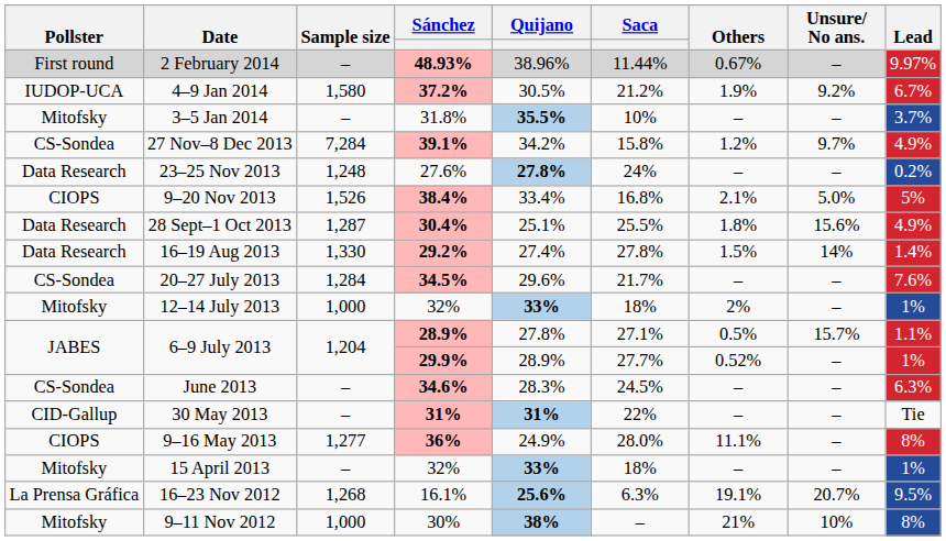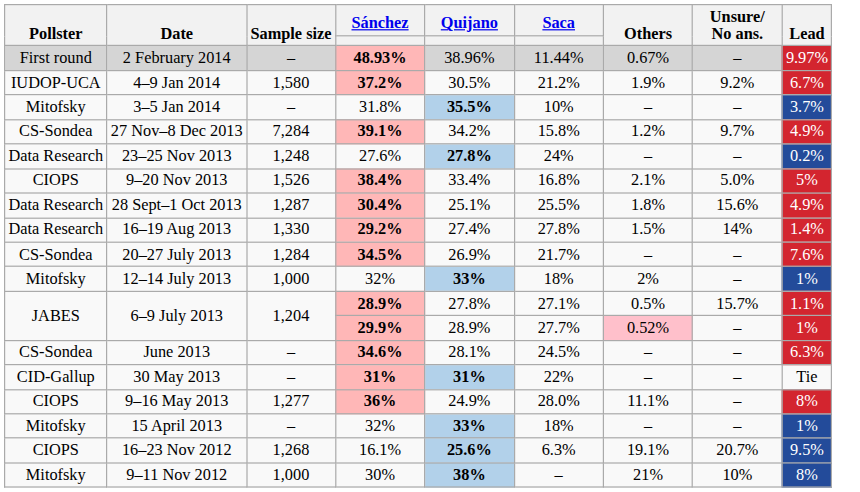 <table class="nowrap wikitable" style="text-align:center;font-size:85%;line-height:14px">
 <tr style="vertical-align:bottom">
 <th rowspan="2">Pollster</th>
 <th rowspan="2">Date</th>
 <th rowspan="2">Sample size</th>
 <th style="width:5em"><a href='#'>Sánchez</a><br></th>
 <th style="width:5em"><a href='#'>Quijano</a><br></th>
 <th style="width:5em"><a href='#'>Saca</a><br></th>
 <th rowspan="2" style="width:5em">Others</th>
 <th rowspan="2" style="width:5em">Unsure/<br>No ans.</th>
 <th rowspan="2">Lead</th>
 </tr>
 <tr>
 <th style="background:"></th>
 <th style="background:"></th>
 <th style="background:"></th>
 </tr>
 <tr style="background:#D5D5D5;">
 <td>First round</td>
 <td>2 February 2014</td>
 <td>–</td>
 <td style="background:#ffb7b7;font-weight:bold">48.93%</td>
 <td>38.96%</td>
 <td>11.44%</td>
 <td>0.67%</td>
 <td>–</td>
 <td style=background:#D3252F;color:white>9.97%</td>
 </tr>
 <tr>
 <td>IUDOP-UCA</td>
 <td>4–9 Jan 2014</td>
 <td>1,580</td>
 <td style="background:#ffb7b7;font-weight:bold">37.2%</td>
 <td>30.5%</td>
 <td>21.2%</td>
 <td>1.9%</td>
 <td>9.2%</td>
 <td style=background:#D3252F;color:white>6.7%</td>
 </tr>
 <tr>
 <td>Mitofsky</td>
 <td>3–5 Jan 2014</td>
 <td>–</td>
 <td>31.8%</td>
 <td style="background:#b2d1ea;font-weight:bold">35.5%</td>
 <td>10%</td>
 <td>–</td>
 <td>–</td>
 <td style=background:#234B9A;color:white>3.7%</td>
 </tr>
 <tr>
 <td>CS-Sondea</td>
 <td>27 Nov–8 Dec 2013</td>
 <td>7,284</td>
 <td style="background:#ffb7b7;font-weight:bold">39.1%</td>
 <td>34.2%</td>
 <td>15.8%</td>
 <td>1.2%</td>
 <td>9.7%</td>
 <td style=background:#D3252F;color:white>4.9%</td>
 </tr>
 <tr>
 <td>Data Research</td>
 <td>23–25 Nov 2013</td>
 <td>1,248</td>
 <td>27.6%</td>
 <td style="background:#b2d1ea;font-weight:bold">27.8%</td>
 <td>24%</td>
 <td>–</td>
 <td>–</td>
 <td style=background:#234B9A;color:white>0.2%</td>
 </tr>
 <tr>
 <td>CIOPS</td>
 <td>9–20 Nov 2013</td>
 <td>1,526</td>
 <td style="background:#ffb7b7;font-weight:bold">38.4%</td>
 <td>33.4%</td>
 <td>16.8%</td>
 <td>2.1%</td>
 <td>5.0%</td>
 <td style=background:#D3252F;color:white>5%</td>
 </tr>
 <tr>
 <td>Data Research</td>
 <td>28 Sept–1 Oct 2013</td>
 <td>1,287</td>
 <td style="background:#ffb7b7;font-weight:bold">30.4%</td>
 <td>25.1%</td>
 <td>25.5%</td>
 <td>1.8%</td>
 <td>15.6%</td>
 <td style=background:#D3252F;color:white>4.9%</td>
 </tr>
 <tr>
 <td>Data Research</td>
 <td>16–19 Aug 2013</td>
 <td>1,330</td>
 <td style="background:#ffb7b7;font-weight:bold">29.2%</td>
 <td>27.4%</td>
 <td>27.8%</td>
 <td>1.5%</td>
 <td>14%</td>
 <td style=background:#D3252F;color:white>1.4%</td>
 </tr>
 <tr>
 <td>CS-Sondea</td>
 <td>20–27 July 2013</td>
 <td>1,284</td>
 <td style="background:#ffb7b7;font-weight:bold">34.5%</td>
-<td>29.6%</td>
+<td>26.9%</td>
 <td>21.7%</td>
 <td>–</td>
 <td>–</td>
 <td style=background:#D3252F;color:white>7.6%</td>
 </tr>
 <tr>
 <td>Mitofsky</td>
 <td>12–14 July 2013</td>
 <td>1,000</td>
 <td>32%</td>
 <td style="background:#b2d1ea;font-weight:bold">33%</td>
 <td>18%</td>
 <td>2%</td>
 <td>–</td>
 <td style=background:#234B9A;color:white>1%</td>
 </tr>
 <tr>
 <td rowspan="2">JABES</td>
 <td rowspan="2">6–9 July 2013</td>
 <td rowspan="2">1,204</td>
 <td style="background:#ffb7b7;font-weight:bold">28.9%</td>
 <td>27.8%</td>
 <td>27.1%</td>
 <td>0.5%</td>
 <td>15.7%</td>
 <td style=background:#D3252F;color:white>1.1%</td>
 </tr>
 <tr>
 <td style="background:#ffb7b7;font-weight:bold">29.9%</td>
 <td>28.9%</td>
 <td>27.7%</td>
-<td>0.52%</td>
+<td style="background: pink;">0.52%</td>
 <td>–</td>
 <td style=background:#D3252F;color:white>1%</td>
 </tr>
 <tr>
 <td>CS-Sondea</td>
 <td>June 2013</td>
 <td>–</td>
 <td style="background:#ffb7b7;font-weight:bold">34.6%</td>
-<td>28.3%</td>
+<td>28.1%</td>
 <td>24.5%</td>
 <td>–</td>
 <td>–</td>
 <td style=background:#D3252F;color:white>6.3%</td>
 </tr>
 <tr>
 <td>CID-Gallup</td>
 <td>30 May 2013</td>
 <td>–</td>
 <td style="background:#ffb7b7;font-weight:bold">31%</td>
 <td style="background:#b2d1ea;font-weight:bold">31%</td>
 <td>22%</td>
 <td>–</td>
 <td>–</td>
 <td>Tie</td>
 </tr>
 <tr>
 <td>CIOPS</td>
 <td>9–16 May 2013</td>
 <td>1,277</td>
 <td style="background:#ffb7b7;font-weight:bold">36%</td>
 <td>24.9%</td>
 <td>28.0%</td>
 <td>11.1%</td>
 <td>–</td>
 <td style=background:#D3252F;color:white>8%</td>
 </tr>
 <tr>
 <td>Mitofsky</td>
 <td>15 April 2013</td>
 <td>–</td>
 <td>32%</td>
 <td style="background:#b2d1ea;font-weight:bold">33%</td>
 <td>18%</td>
 <td>–</td>
 <td>–</td>
 <td style=background:#234B9A;color:white>1%</td>
 </tr>
 <tr>
-<td>La Prensa Gráfica</td>
+<td>CIOPS</td>
 <td>16–23 Nov 2012</td>
 <td>1,268</td>
 <td>16.1%</td>
 <td style="background:#b2d1ea;font-weight:bold">25.6%</td>
 <td>6.3%</td>
 <td>19.1%</td>
 <td>20.7%</td>
 <td style=background:#234B9A;color:white>9.5%</td>
 </tr>
 <tr>
 <td>Mitofsky</td>
 <td>9–11 Nov 2012</td>
 <td>1,000</td>
 <td>30%</td>
 <td style="background:#b2d1ea;font-weight:bold">38%</td>
 <td>–</td>
 <td>21%</td>
 <td>10%</td>
 <td style=background:#234B9A;color:white>8%</td>
 </tr>
 </table>
